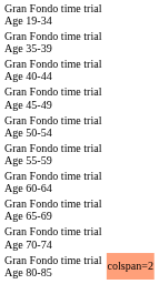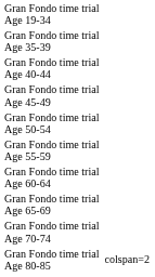 <table>
 <tr>
 <td>Gran Fondo time trial<br>Age 19-34</td>
 <td></td>
 <td></td>
 <td></td>
 </tr>
 <tr>
 <td>Gran Fondo time trial<br>Age 35-39</td>
 <td></td>
 <td></td>
 <td></td>
 </tr>
 <tr>
 <td>Gran Fondo time trial<br>Age 40-44</td>
 <td></td>
 <td></td>
 <td></td>
 </tr>
 <tr>
 <td>Gran Fondo time trial<br>Age 45-49</td>
 <td></td>
 <td></td>
 <td></td>
 </tr>
 <tr>
 <td>Gran Fondo time trial<br>Age 50-54</td>
 <td></td>
 <td></td>
 <td></td>
 </tr>
 <tr>
 <td>Gran Fondo time trial<br>Age 55-59</td>
 <td></td>
 <td></td>
 <td></td>
 </tr>
 <tr>
 <td>Gran Fondo time trial<br>Age 60-64</td>
 <td></td>
 <td></td>
 <td></td>
 </tr>
 <tr>
 <td>Gran Fondo time trial<br>Age 65-69</td>
 <td></td>
 <td></td>
 <td></td>
 </tr>
 <tr>
 <td>Gran Fondo time trial<br>Age 70-74</td>
 <td></td>
 <td></td>
 <td></td>
 </tr>
 <tr>
 <td>Gran Fondo time trial<br>Age 80-85</td>
 <td></td>
-<td style="background: lightsalmon;">colspan=2 </td>
+<td>colspan=2 </td>
 </tr>
 </table>
